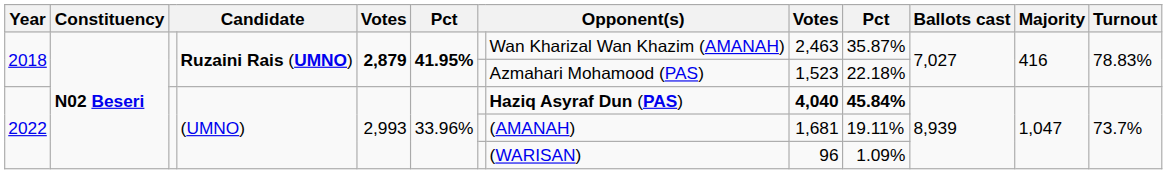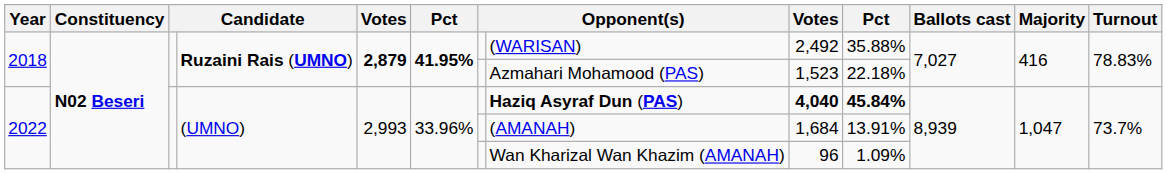 <table class="wikitable" style="margin:0.5em ; font-size:95%">
 <tr>
 <th>Year</th>
 <th>Constituency</th>
 <th colspan=2>Candidate</th>
 <th>Votes</th>
 <th>Pct</th>
 <th colspan=2>Opponent(s)</th>
 <th>Votes</th>
 <th>Pct</th>
 <th>Ballots cast</th>
 <th>Majority</th>
 <th>Turnout</th>
 </tr>
 <tr>
 <td rowspan=2><a href='#'>2018</a></td>
 <td rowspan=5><strong>N02 <a href='#'>Beseri</a></strong></td>
 <td rowspan=2 ></td>
 <td rowspan=2><strong>Ruzaini Rais</strong> (<a href='#'><strong>UMNO</strong></a>)</td>
 <td rowspan=2 align="right"><strong>2,879</strong></td>
 <td rowspan=2><strong>41.95%</strong></td>
 <td></td>
-<td>Wan Kharizal Wan Khazim (<a href='#'>AMANAH</a>)</td>
-<td align="right">2,463</td>
-<td>35.87%</td>
+<td> (<a href='#'>WARISAN</a>)</td>
+<td align="right">2,492</td>
+<td>35.88%</td>
 <td rowspan=2>7,027</td>
 <td rowspan=2>416</td>
 <td rowspan=2>78.83%</td>
 </tr>
 <tr>
 <td></td>
 <td>Azmahari Mohamood (<a href='#'>PAS</a>)</td>
 <td align="right">1,523</td>
 <td>22.18%</td>
 </tr>
 <tr>
 <td rowspan=3><a href='#'>2022</a></td>
 <td rowspan=3 ></td>
 <td rowspan=3> (<a href='#'>UMNO</a>)</td>
 <td rowspan=3 align="right">2,993</td>
 <td rowspan=3>33.96%</td>
 <td></td>
 <td><strong>Haziq Asyraf Dun</strong> (<a href='#'><strong>PAS</strong></a>)</td>
 <td align="right"><strong>4,040</strong></td>
 <td><strong>45.84%</strong></td>
 <td rowspan=5>8,939</td>
 <td rowspan=5>1,047</td>
 <td rowspan=5>73.7%</td>
 </tr>
 <tr>
 <td></td>
 <td> (<a href='#'>AMANAH</a>)</td>
-<td align="right">1,681</td>
-<td>19.11%</td>
+<td align="right">1,684</td>
+<td>13.91%</td>
 </tr>
 <tr>
 <td></td>
-<td> (<a href='#'>WARISAN</a>)</td>
+<td>Wan Kharizal Wan Khazim (<a href='#'>AMANAH</a>)</td>
 <td align="right">96</td>
 <td align=right>1.09%</td>
 </tr>
 </table>
